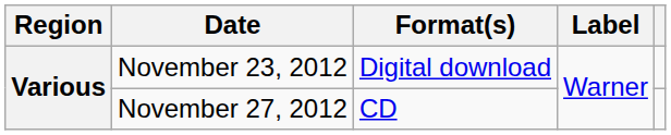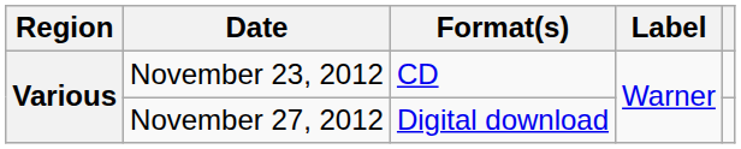 <table class="wikitable plainrowheaders">
 <tr>
 <th scope="col">Region</th>
 <th scope="col">Date</th>
 <th scope="col">Format(s)</th>
 <th scope="col">Label</th>
 <th scope="col"></th>
 </tr>
 <tr>
 <th scope="row" rowspan="2">Various</th>
 <td>November 23, 2012</td>
-<td><a href='#'>Digital download</a></td>
+<td><a href='#'>CD</a></td>
 <td rowspan="2"><a href='#'>Warner</a></td>
 <td style="text-align:center;"></td>
 </tr>
 <tr>
 <td>November 27, 2012</td>
-<td><a href='#'>CD</a></td>
+<td><a href='#'>Digital download</a></td>
 <td style="text-align:center;"></td>
 </tr>
 </table>
